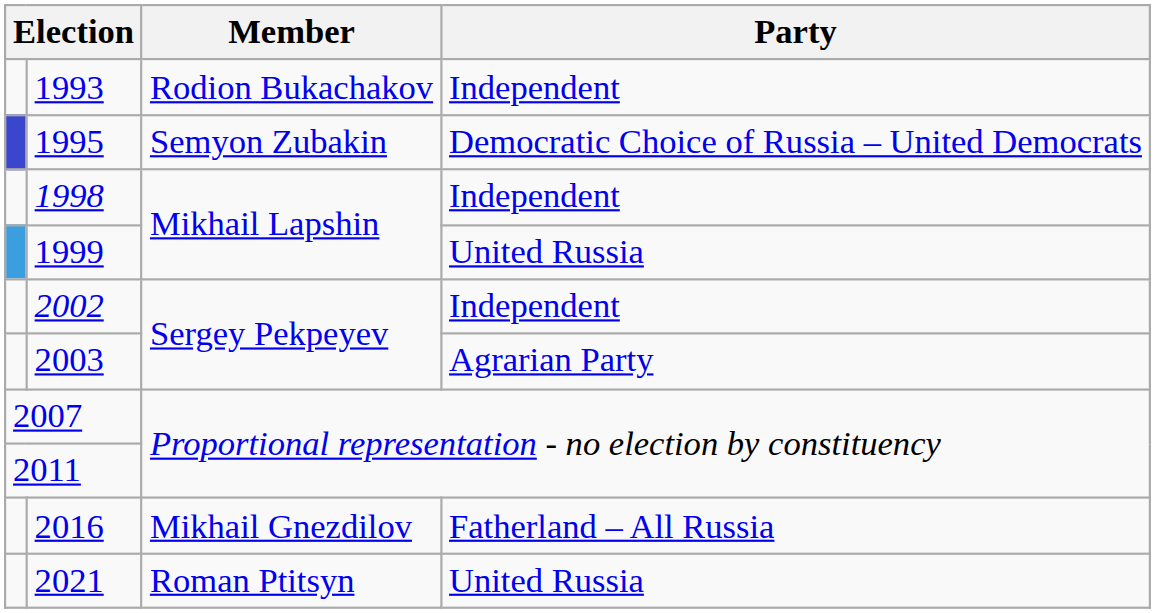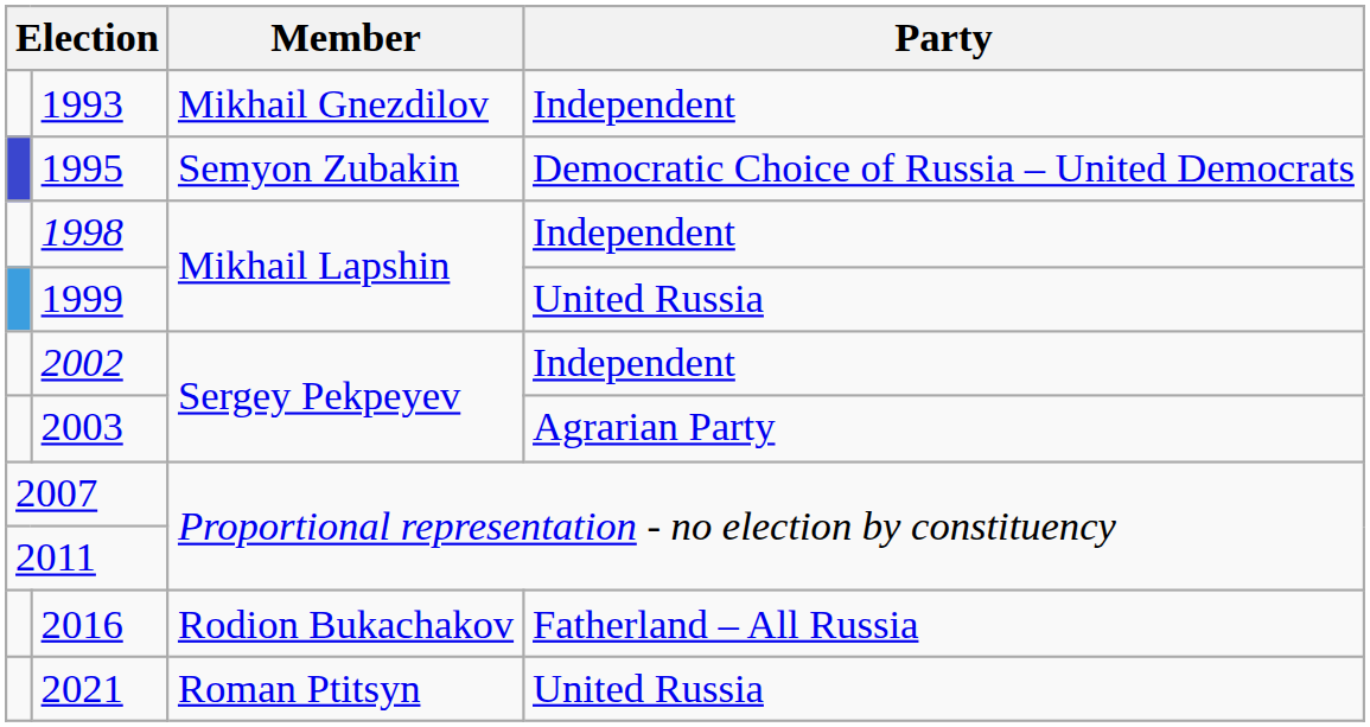 <table class="wikitable">
 <tr>
 <th colspan="2">Election</th>
 <th>Member</th>
 <th>Party</th>
 </tr>
 <tr>
 <td style="background-color:"></td>
 <td><a href='#'>1993</a></td>
-<td><a href='#'>Rodion Bukachakov</a></td>
+<td><a href='#'>Mikhail Gnezdilov</a></td>
 <td><a href='#'>Independent</a></td>
 </tr>
 <tr>
 <td style="background-color:#3A46CE"></td>
 <td><a href='#'>1995</a></td>
 <td><a href='#'>Semyon Zubakin</a></td>
 <td><a href='#'>Democratic Choice of Russia – United Democrats</a></td>
 </tr>
 <tr>
 <td style="background-color:"></td>
 <td><em><a href='#'>1998</a></em></td>
 <td rowspan=2><a href='#'>Mikhail Lapshin</a></td>
 <td><a href='#'>Independent</a></td>
 </tr>
 <tr>
 <td style="background-color:#3B9EDF"></td>
 <td><a href='#'>1999</a></td>
 <td><a href='#'>United Russia</a></td>
 </tr>
 <tr>
 <td style="background-color:"></td>
 <td><em><a href='#'>2002</a></em></td>
 <td rowspan=2><a href='#'>Sergey Pekpeyev</a></td>
 <td><a href='#'>Independent</a></td>
 </tr>
 <tr>
 <td style="background-color:"></td>
 <td><a href='#'>2003</a></td>
 <td><a href='#'>Agrarian Party</a></td>
 </tr>
 <tr>
 <td colspan=2><a href='#'>2007</a></td>
 <td colspan=2 rowspan=2><em><a href='#'>Proportional representation</a> - no election by constituency</em></td>
 </tr>
 <tr>
 <td colspan=2><a href='#'>2011</a></td>
 </tr>
 <tr>
 <td style="background-color: "></td>
 <td><a href='#'>2016</a></td>
-<td><a href='#'>Mikhail Gnezdilov</a></td>
+<td><a href='#'>Rodion Bukachakov</a></td>
 <td><a href='#'>Fatherland – All Russia</a></td>
 </tr>
 <tr>
 <td style="background-color: "></td>
 <td><a href='#'>2021</a></td>
 <td><a href='#'>Roman Ptitsyn</a></td>
 <td><a href='#'>United Russia</a></td>
 </tr>
 </table>
